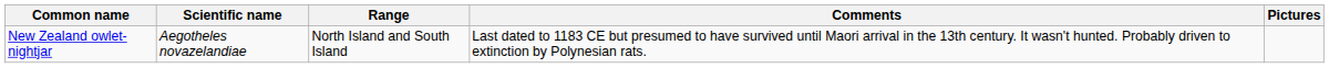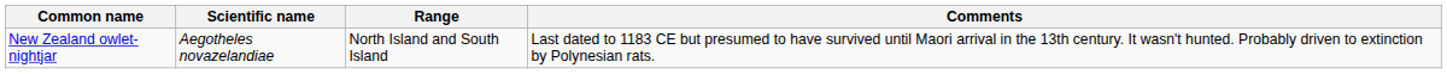 <table class="wikitable">
 <tr>
 <th>Common name</th>
 <th>Scientific name</th>
 <th>Range</th>
 <th class="unsortable">Comments</th>
-<th>Pictures</th>
 </tr>
 <tr>
 <td><a href='#'>New Zealand owlet-nightjar</a></td>
 <td><em>Aegotheles novazelandiae</em></td>
 <td>North Island and South Island</td>
 <td>Last dated to 1183 CE but presumed to have survived until Maori arrival in the 13th century. It wasn't hunted. Probably driven to extinction by Polynesian rats.</td>
-<td></td>
 </tr>
 </table>
